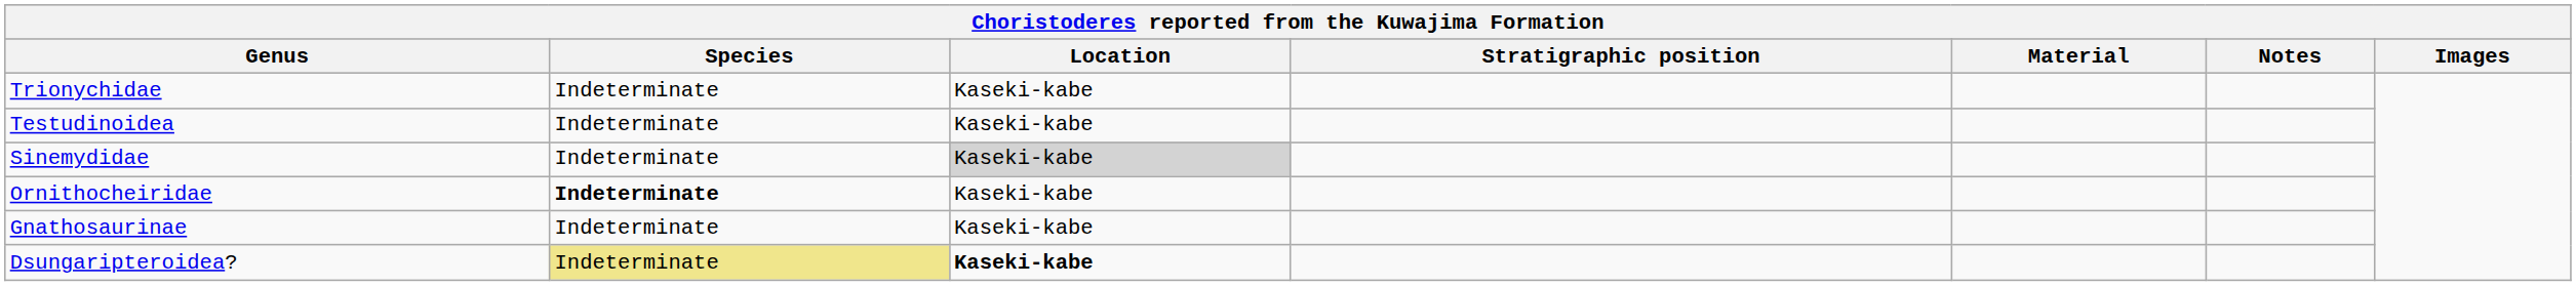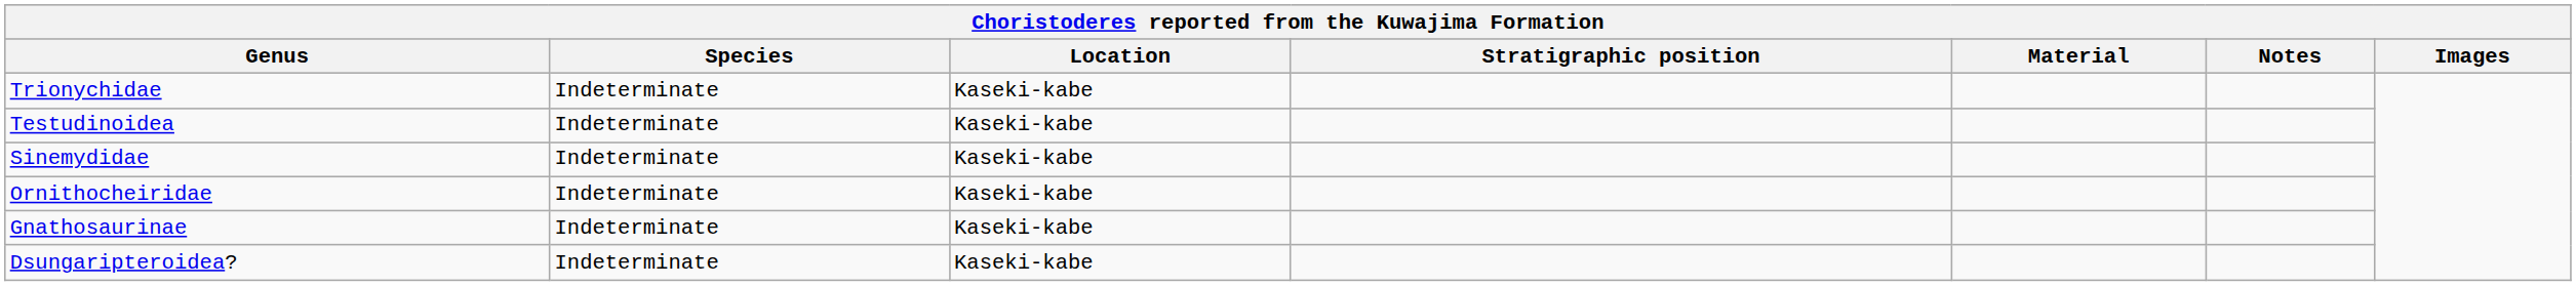 <table class="wikitable" align="center" width="100%">
 <tr>
 <th colspan="7" align="center"><strong><a href='#'>Choristoderes</a> reported from the Kuwajima Formation</strong></th>
 </tr>
 <tr>
 <th>Genus</th>
 <th>Species</th>
 <th>Location</th>
 <th>Stratigraphic position</th>
 <th>Material</th>
 <th>Notes</th>
 <th>Images</th>
 </tr>
 <tr>
 <td><a href='#'>Trionychidae</a></td>
 <td>Indeterminate</td>
 <td>Kaseki-kabe</td>
 <td></td>
 <td></td>
 <td></td>
 <td rowspan="100"></td>
 </tr>
 <tr>
 <td><a href='#'>Testudinoidea</a></td>
 <td>Indeterminate</td>
 <td>Kaseki-kabe</td>
 <td></td>
 <td></td>
 <td></td>
 </tr>
 <tr>
 <td><a href='#'>Sinemydidae</a></td>
 <td>Indeterminate</td>
-<td style="background: lightgrey;">Kaseki-kabe</td>
+<td>Kaseki-kabe</td>
 <td></td>
 <td></td>
 <td></td>
 </tr>
 <tr>
 <td><a href='#'>Ornithocheiridae</a></td>
-<td><strong>Indeterminate</strong></td>
+<td>Indeterminate</td>
 <td>Kaseki-kabe</td>
 <td></td>
 <td></td>
 <td></td>
 </tr>
 <tr>
 <td><a href='#'>Gnathosaurinae</a></td>
 <td>Indeterminate</td>
 <td>Kaseki-kabe</td>
 <td></td>
 <td></td>
 <td></td>
 </tr>
 <tr>
 <td><a href='#'>Dsungaripteroidea</a>?</td>
-<td style="background: khaki;">Indeterminate</td>
-<td><strong>Kaseki-kabe</strong></td>
+<td>Indeterminate</td>
+<td>Kaseki-kabe</td>
 <td></td>
 <td></td>
 <td></td>
 </tr>
 </table>
